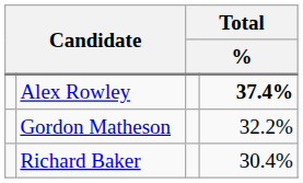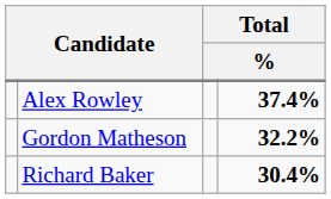 <table class="wikitable" style="font-size: 95%;">
 <tr>
 <th colspan="2" scope="col" rowspan="2" width="125">Candidate</th>
 <th scope="col" colspan="3" width="75">Total</th>
 </tr>
 <tr style="background-color:#E9E9E9; border-bottom: 2px solid gray;">
 <th scope="col" colspan="3" width="75">%</th>
 </tr>
 <tr align="right">
 <td style="background-color: "></td>
 <td scope="row" align="left"><a href='#'>Alex Rowley</a></td>
 <td align=center></td>
 <td><strong>37.4%</strong></td>
 </tr>
 <tr align="right">
 <td style="background-color: "></td>
 <td scope="row" align="left"><a href='#'>Gordon Matheson</a></td>
 <td align=center></td>
-<td>32.2%</td>
+<td><strong>32.2%</strong></td>
 </tr>
 <tr align="right">
 <td style="background-color: "></td>
 <td scope="row" align="left"><a href='#'>Richard Baker</a></td>
 <td align=center></td>
-<td>30.4%</td>
+<td><strong>30.4%</strong></td>
 </tr>
 </table>
